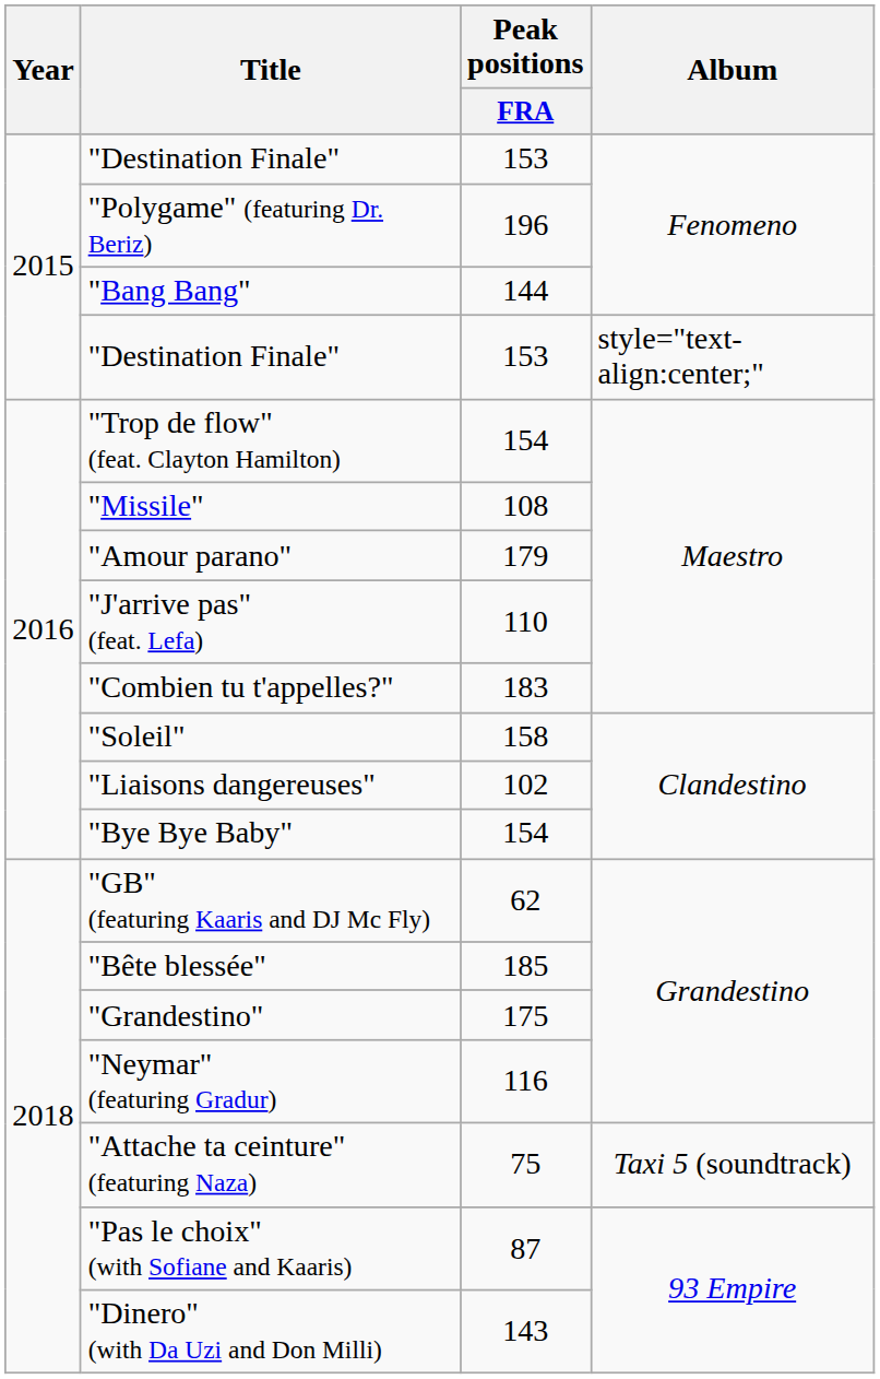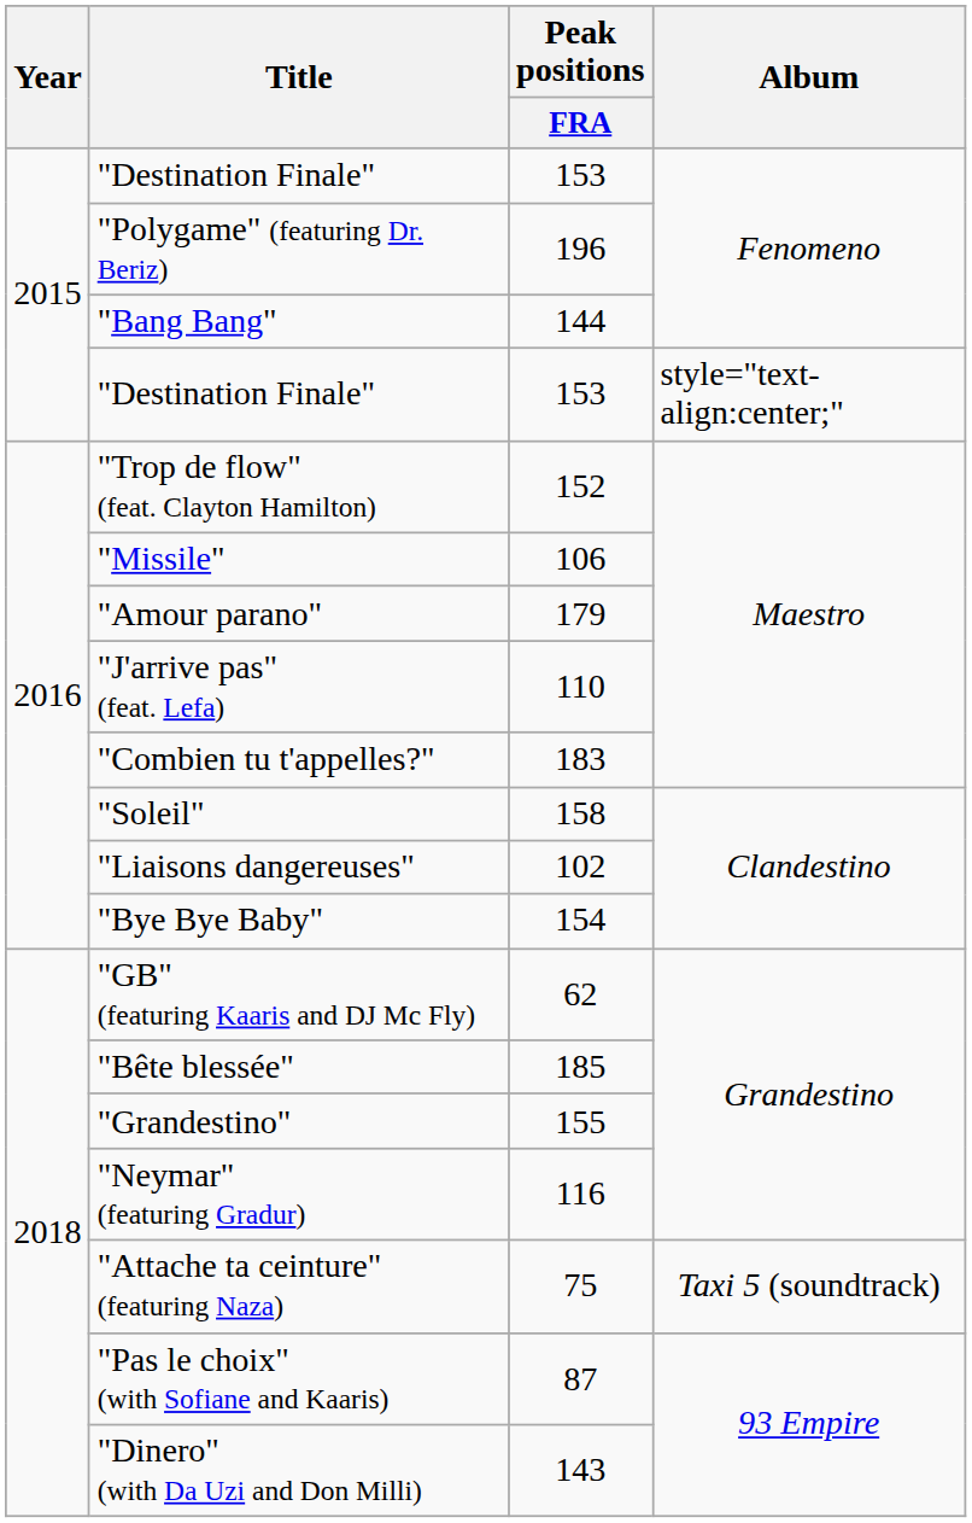 <table class="wikitable">
 <tr>
 <th align="center" rowspan="2" width="10">Year</th>
 <th align="center" rowspan="2" width="190">Title</th>
 <th align="center" colspan="1" width="20">Peak positions</th>
 <th align="center" rowspan="2" width="140">Album</th>
 </tr>
 <tr>
 <th scope="col" style="width:3em;font-size:90%;"><a href='#'>FRA</a><br></th>
 </tr>
 <tr>
 <td style="text-align:center;" rowspan="4">2015</td>
 <td>"Destination Finale"</td>
 <td style="text-align:center;">153</td>
 <td style="text-align:center;" rowspan="3"><em>Fenomeno</em></td>
 </tr>
 <tr>
 <td>"Polygame" <small>(featuring <a href='#'>Dr. Beriz</a>)</small></td>
 <td style="text-align:center;">196</td>
 </tr>
 <tr>
 <td>"<a href='#'>Bang Bang</a>"</td>
 <td style="text-align:center;">144</td>
 </tr>
 <tr>
 <td>"Destination Finale"</td>
 <td style="text-align:center;">153</td>
 <td>style="text-align:center;"</td>
 </tr>
 <tr>
 <td style="text-align:center;" rowspan="8">2016</td>
 <td>"Trop de flow"<br><small>(feat. Clayton Hamilton)</small></td>
-<td style="text-align:center;">154</td>
+<td style="text-align:center;">152</td>
 <td style="text-align:center;" rowspan="5"><em>Maestro</em></td>
 </tr>
 <tr>
 <td>"<a href='#'>Missile</a>"</td>
-<td style="text-align:center;">108</td>
+<td style="text-align:center;">106</td>
 </tr>
 <tr>
 <td>"Amour parano"</td>
 <td style="text-align:center;">179</td>
 </tr>
 <tr>
 <td>"J'arrive pas"<br><small>(feat. <a href='#'>Lefa</a>)</small></td>
 <td style="text-align:center;">110</td>
 </tr>
 <tr>
 <td>"Combien tu t'appelles?"</td>
 <td style="text-align:center;">183</td>
 </tr>
 <tr>
 <td>"Soleil"</td>
 <td style="text-align:center;">158</td>
 <td style="text-align:center;" rowspan=3><em>Clandestino</em></td>
 </tr>
 <tr>
 <td>"Liaisons dangereuses"</td>
 <td style="text-align:center;">102</td>
 </tr>
 <tr>
 <td>"Bye Bye Baby"</td>
 <td style="text-align:center;">154</td>
 </tr>
 <tr>
 <td style="text-align:center;" rowspan="7">2018</td>
 <td>"GB"<br><small>(featuring <a href='#'>Kaaris</a> and DJ Mc Fly)</small></td>
 <td style="text-align:center;">62</td>
 <td style="text-align:center;" rowspan=4><em>Grandestino</em></td>
 </tr>
 <tr>
 <td>"Bête blessée"</td>
 <td style="text-align:center;">185</td>
 </tr>
 <tr>
 <td>"Grandestino"</td>
-<td style="text-align:center;">175</td>
+<td style="text-align:center;">155</td>
 </tr>
 <tr>
 <td>"Neymar"<br><small>(featuring <a href='#'>Gradur</a>)</small></td>
 <td style="text-align:center;">116</td>
 </tr>
 <tr>
 <td>"Attache ta ceinture"<br><small>(featuring <a href='#'>Naza</a>)</small></td>
 <td style="text-align:center;">75</td>
 <td style="text-align:center;"><em>Taxi 5</em> (soundtrack)</td>
 </tr>
 <tr>
 <td>"Pas le choix"<br><small>(with <a href='#'>Sofiane</a> and Kaaris)</small></td>
 <td style="text-align:center;">87</td>
 <td style="text-align:center;" rowspan=2><em><a href='#'>93 Empire</a></em></td>
 </tr>
 <tr>
 <td>"Dinero"<br><small>(with <a href='#'>Da Uzi</a> and Don Milli)</small></td>
 <td style="text-align:center;">143</td>
 </tr>
 </table>
